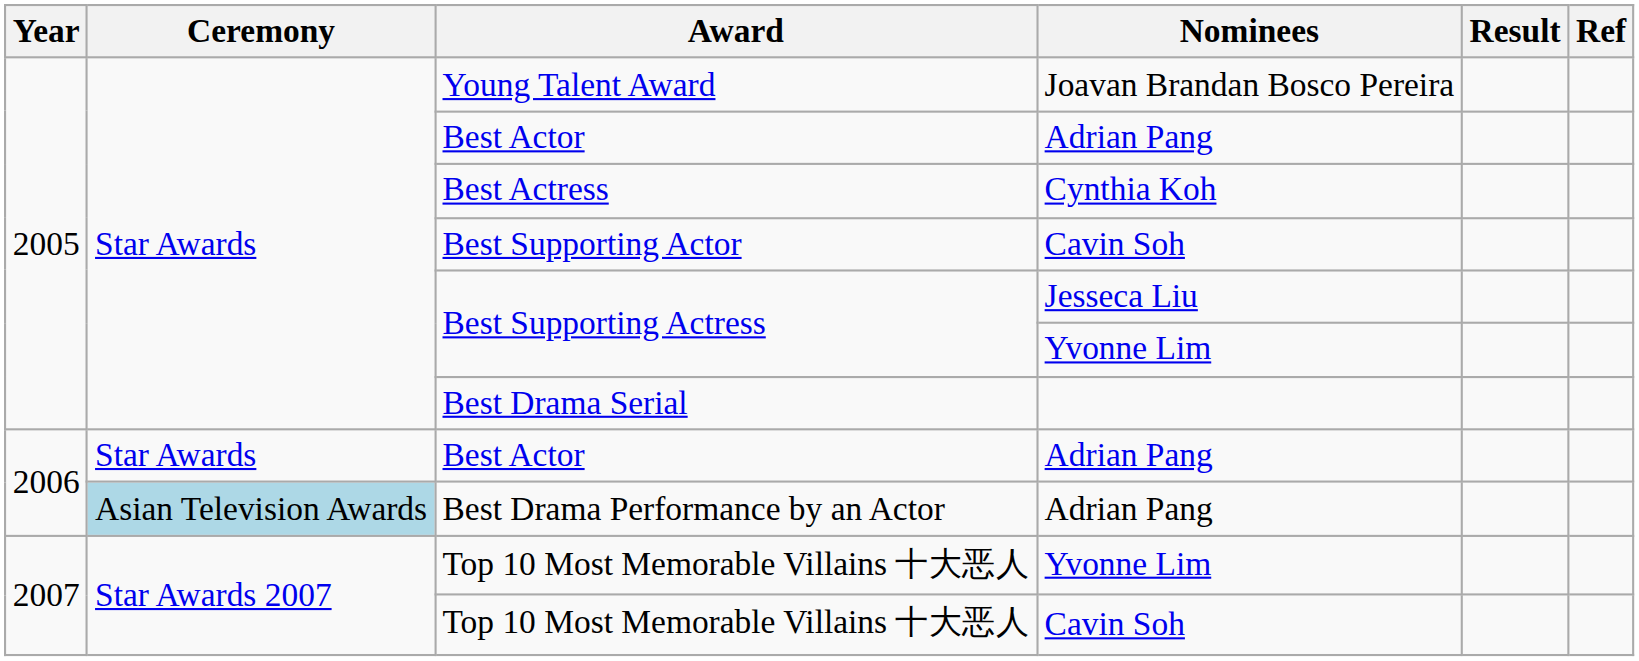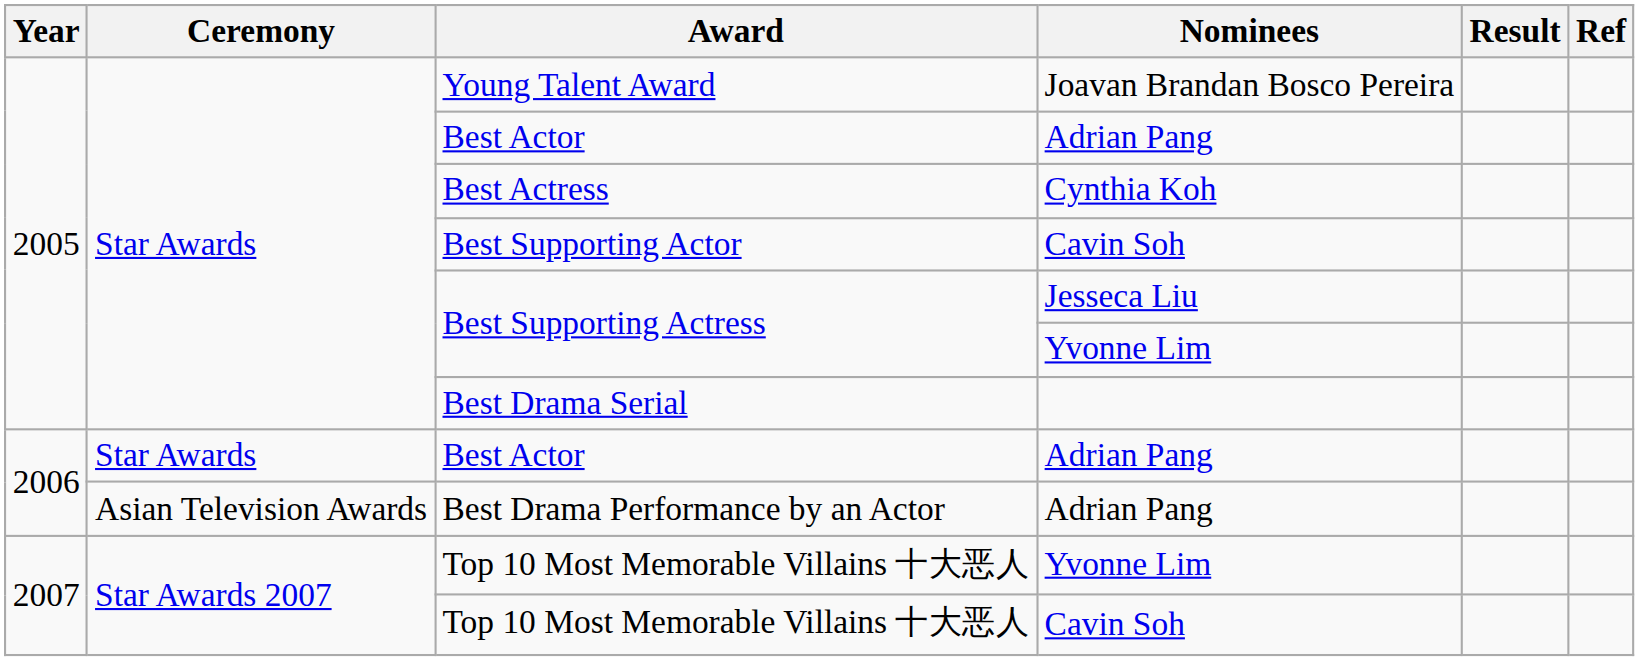 <table class="wikitable sortable">
 <tr>
 <th>Year</th>
 <th>Ceremony</th>
 <th>Award</th>
 <th>Nominees</th>
 <th>Result</th>
 <th>Ref</th>
 </tr>
 <tr>
 <td rowspan="7">2005</td>
 <td rowspan="7"><a href='#'>Star Awards</a></td>
 <td><a href='#'>Young Talent Award</a></td>
 <td>Joavan Brandan Bosco Pereira</td>
 <td></td>
 <td></td>
 </tr>
 <tr>
 <td><a href='#'>Best Actor</a></td>
 <td><a href='#'>Adrian Pang</a></td>
 <td></td>
 <td></td>
 </tr>
 <tr>
 <td><a href='#'>Best Actress</a></td>
 <td><a href='#'>Cynthia Koh</a></td>
 <td></td>
 <td></td>
 </tr>
 <tr>
 <td><a href='#'>Best Supporting Actor</a></td>
 <td><a href='#'>Cavin Soh</a></td>
 <td></td>
 <td></td>
 </tr>
 <tr>
 <td rowspan="2"><a href='#'>Best Supporting Actress</a></td>
 <td><a href='#'>Jesseca Liu</a></td>
 <td></td>
 <td></td>
 </tr>
 <tr>
 <td><a href='#'>Yvonne Lim</a></td>
 <td></td>
 <td></td>
 </tr>
 <tr>
 <td><a href='#'>Best Drama Serial</a></td>
 <td></td>
 <td></td>
 <td></td>
 </tr>
 <tr>
 <td rowspan="2">2006</td>
 <td><a href='#'>Star Awards</a></td>
 <td><a href='#'>Best Actor</a></td>
 <td><a href='#'>Adrian Pang</a></td>
 <td></td>
 <td></td>
 </tr>
 <tr>
-<td style="background: lightblue;">Asian Television Awards</td>
+<td>Asian Television Awards</td>
 <td>Best Drama Performance by an Actor</td>
 <td>Adrian Pang</td>
 <td></td>
 <td></td>
 </tr>
 <tr>
 <td rowspan="2">2007</td>
 <td rowspan="2"><a href='#'>Star Awards 2007</a></td>
 <td>Top 10 Most Memorable Villains 十大恶人</td>
 <td><a href='#'>Yvonne Lim</a></td>
 <td></td>
 <td></td>
 </tr>
 <tr>
 <td>Top 10 Most Memorable Villains 十大恶人</td>
 <td><a href='#'>Cavin Soh</a></td>
 <td></td>
 <td></td>
 </tr>
 </table>
